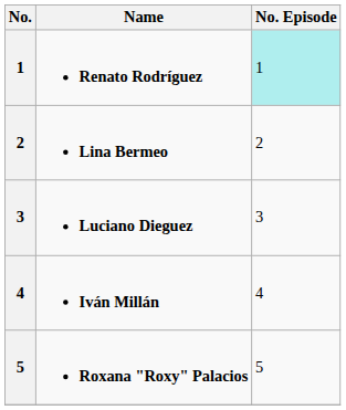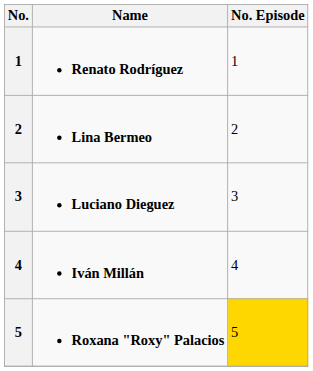 <table class="wikitable">
 <tr>
 <th>No.</th>
 <th>Name</th>
 <th>No. Episode</th>
 </tr>
 <tr>
 <th>1</th>
 <td><br><ul><li><strong>Renato Rodríguez</strong></li></ul></td>
-<td style="background: paleturquoise;">1</td>
+<td>1</td>
 </tr>
 <tr>
 <th>2</th>
 <td><br><ul><li><strong>Lina Bermeo</strong></li></ul></td>
 <td>2</td>
 </tr>
 <tr>
 <th>3</th>
 <td><br><ul><li><strong>Luciano Dieguez</strong></li></ul></td>
 <td>3</td>
 </tr>
 <tr>
 <th>4</th>
 <td><br><ul><li><strong>Iván Millán</strong></li></ul></td>
 <td>4</td>
 </tr>
 <tr>
 <th>5</th>
 <td><br><ul><li><strong>Roxana "Roxy" Palacios</strong></li></ul></td>
-<td>5</td>
+<td style="background: gold;">5</td>
 </tr>
 <tr>
 </tr>
 </table>
